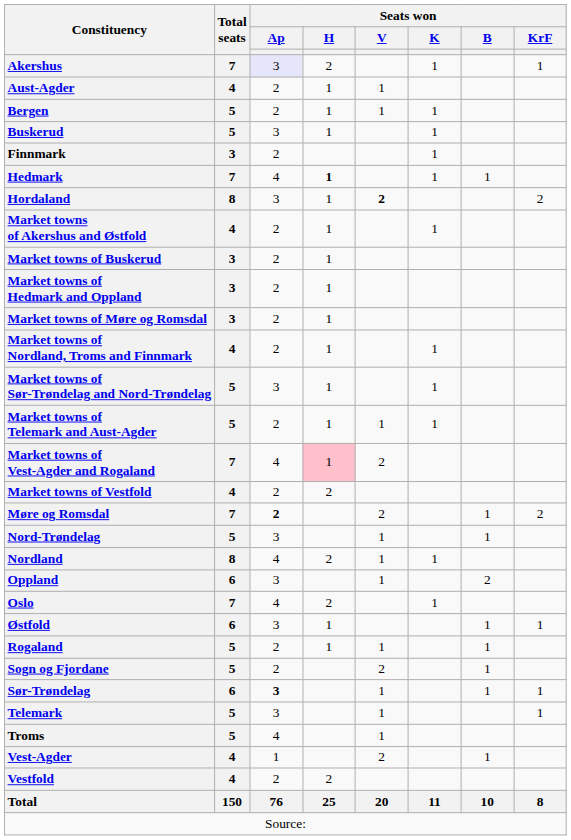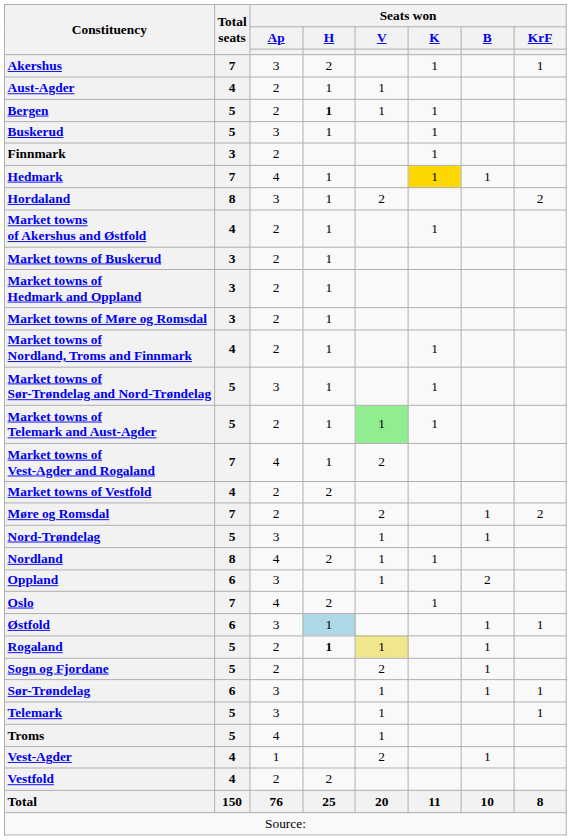 <table class="wikitable" style="text-align:center; font-size: 0.9em;">
 <tr>
 <th rowspan="3">Constituency</th>
 <th rowspan="3">Total<br>seats</th>
 <th colspan="6">Seats won</th>
 </tr>
 <tr>
 <th class="unsortable" style="width:50px;"><a href='#'>Ap</a></th>
 <th class="unsortable" style="width:50px;"><a href='#'>H</a></th>
 <th class="unsortable" style="width:50px;"><a href='#'>V</a></th>
 <th class="unsortable" style="width:50px;"><a href='#'>K</a></th>
 <th class="unsortable" style="width:50px;"><a href='#'>B</a></th>
 <th class="unsortable" style="width:50px;"><a href='#'>KrF</a></th>
 </tr>
 <tr>
 <th style="background:"></th>
 <th style="background:"></th>
 <th style="background:"></th>
 <th style="background:"></th>
 <th style="background:"></th>
 <th style="background:"></th>
 </tr>
 <tr>
 <th style="text-align: left;"><a href='#'>Akershus</a></th>
 <th>7</th>
-<td style="background: lavender;">3</td>
+<td>3</td>
 <td>2</td>
 <td></td>
 <td>1</td>
 <td></td>
 <td>1</td>
 </tr>
 <tr>
 <th style="text-align: left;"><a href='#'>Aust-Agder</a></th>
 <th>4</th>
 <td>2</td>
 <td>1</td>
 <td>1</td>
 <td></td>
 <td></td>
 <td></td>
 </tr>
 <tr>
 <th style="text-align: left;"><a href='#'>Bergen</a></th>
 <th>5</th>
 <td>2</td>
-<td>1</td>
+<td><strong>1</strong></td>
 <td>1</td>
 <td>1</td>
 <td></td>
 <td></td>
 </tr>
 <tr>
 <th style="text-align: left;"><a href='#'>Buskerud</a></th>
 <th>5</th>
 <td>3</td>
 <td>1</td>
 <td></td>
 <td>1</td>
 <td></td>
 <td></td>
 </tr>
 <tr>
 <th style="text-align: left;">Finnmark</th>
 <th>3</th>
 <td>2</td>
 <td></td>
 <td></td>
 <td>1</td>
 <td></td>
 <td></td>
 </tr>
 <tr>
 <th style="text-align: left;"><a href='#'>Hedmark</a></th>
 <th>7</th>
 <td>4</td>
-<td><strong>1</strong></td>
+<td>1</td>
 <td></td>
-<td>1</td>
+<td style="background: gold;">1</td>
 <td>1</td>
 <td></td>
 </tr>
 <tr>
 <th style="text-align: left;"><a href='#'>Hordaland</a></th>
 <th>8</th>
 <td>3</td>
 <td>1</td>
-<td><strong>2</strong></td>
+<td>2</td>
 <td></td>
 <td></td>
 <td>2</td>
 </tr>
 <tr>
 <th style="text-align: left;"><a href='#'>Market towns<br>of Akershus and Østfold</a></th>
 <th>4</th>
 <td>2</td>
 <td>1</td>
 <td></td>
 <td>1</td>
 <td></td>
 <td></td>
 </tr>
 <tr>
 <th style="text-align: left;"><a href='#'>Market towns of Buskerud</a></th>
 <th>3</th>
 <td>2</td>
 <td>1</td>
 <td></td>
 <td></td>
 <td></td>
 <td></td>
 </tr>
 <tr>
 <th style="text-align: left;"><a href='#'>Market towns of<br>Hedmark and Oppland</a></th>
 <th>3</th>
 <td>2</td>
 <td>1</td>
 <td></td>
 <td></td>
 <td></td>
 <td></td>
 </tr>
 <tr>
 <th style="text-align: left;"><a href='#'>Market towns of Møre og Romsdal</a></th>
 <th>3</th>
 <td>2</td>
 <td>1</td>
 <td></td>
 <td></td>
 <td></td>
 <td></td>
 </tr>
 <tr>
 <th style="text-align: left;"><a href='#'>Market towns of<br>Nordland, Troms and Finnmark</a></th>
 <th>4</th>
 <td>2</td>
 <td>1</td>
 <td></td>
 <td>1</td>
 <td></td>
 <td></td>
 </tr>
 <tr>
 <th style="text-align: left;"><a href='#'>Market towns of<br>Sør-Trøndelag and Nord-Trøndelag</a></th>
 <th>5</th>
 <td>3</td>
 <td>1</td>
 <td></td>
 <td>1</td>
 <td></td>
 <td></td>
 </tr>
 <tr>
 <th style="text-align: left;"><a href='#'>Market towns of<br>Telemark and Aust-Agder</a></th>
 <th>5</th>
 <td>2</td>
 <td>1</td>
-<td>1</td>
+<td style="background: lightgreen;">1</td>
 <td>1</td>
 <td></td>
 <td></td>
 </tr>
 <tr>
 <th style="text-align: left;"><a href='#'>Market towns of<br>Vest-Agder and Rogaland</a></th>
 <th>7</th>
 <td>4</td>
-<td style="background: pink;">1</td>
+<td>1</td>
 <td>2</td>
 <td></td>
 <td></td>
 <td></td>
 </tr>
 <tr>
 <th style="text-align: left;"><a href='#'>Market towns of Vestfold</a></th>
 <th>4</th>
 <td>2</td>
 <td>2</td>
 <td></td>
 <td></td>
 <td></td>
 <td></td>
 </tr>
 <tr>
 <th style="text-align: left;"><a href='#'>Møre og Romsdal</a></th>
 <th>7</th>
-<td><strong>2</strong></td>
+<td>2</td>
 <td></td>
 <td>2</td>
 <td></td>
 <td>1</td>
 <td>2</td>
 </tr>
 <tr>
 <th style="text-align: left;"><a href='#'>Nord-Trøndelag</a></th>
 <th>5</th>
 <td>3</td>
 <td></td>
 <td>1</td>
 <td></td>
 <td>1</td>
 <td></td>
 </tr>
 <tr>
 <th style="text-align: left;"><a href='#'>Nordland</a></th>
 <th>8</th>
 <td>4</td>
 <td>2</td>
 <td>1</td>
 <td>1</td>
 <td></td>
 <td></td>
 </tr>
 <tr>
 <th style="text-align: left;"><a href='#'>Oppland</a></th>
 <th>6</th>
 <td>3</td>
 <td></td>
 <td>1</td>
 <td></td>
 <td>2</td>
 <td></td>
 </tr>
 <tr>
 <th style="text-align: left;"><a href='#'>Oslo</a></th>
 <th>7</th>
 <td>4</td>
 <td>2</td>
 <td></td>
 <td>1</td>
 <td></td>
 <td></td>
 </tr>
 <tr>
 <th style="text-align: left;"><a href='#'>Østfold</a></th>
 <th>6</th>
 <td>3</td>
-<td>1</td>
+<td style="background: lightblue;">1</td>
 <td></td>
 <td></td>
 <td>1</td>
 <td>1</td>
 </tr>
 <tr>
 <th style="text-align: left;"><a href='#'>Rogaland</a></th>
 <th>5</th>
 <td>2</td>
-<td>1</td>
-<td>1</td>
+<td><strong>1</strong></td>
+<td style="background: khaki;">1</td>
 <td></td>
 <td>1</td>
 <td></td>
 </tr>
 <tr>
 <th style="text-align: left;"><a href='#'>Sogn og Fjordane</a></th>
 <th>5</th>
 <td>2</td>
 <td></td>
 <td>2</td>
 <td></td>
 <td>1</td>
 <td></td>
 </tr>
 <tr>
 <th style="text-align: left;"><a href='#'>Sør-Trøndelag</a></th>
 <th>6</th>
-<td><strong>3</strong></td>
+<td>3</td>
 <td></td>
 <td>1</td>
 <td></td>
 <td>1</td>
 <td>1</td>
 </tr>
 <tr>
 <th style="text-align: left;"><a href='#'>Telemark</a></th>
 <th>5</th>
 <td>3</td>
 <td></td>
 <td>1</td>
 <td></td>
 <td></td>
 <td>1</td>
 </tr>
 <tr>
 <th style="text-align: left;">Troms</th>
 <th>5</th>
 <td>4</td>
 <td></td>
 <td>1</td>
 <td></td>
 <td></td>
 <td></td>
 </tr>
 <tr>
 <th style="text-align: left;"><a href='#'>Vest-Agder</a></th>
 <th>4</th>
 <td>1</td>
 <td></td>
 <td>2</td>
 <td></td>
 <td>1</td>
 <td></td>
 </tr>
 <tr>
 <th style="text-align: left;"><a href='#'>Vestfold</a></th>
 <th>4</th>
 <td>2</td>
 <td>2</td>
 <td></td>
 <td></td>
 <td></td>
 <td></td>
 </tr>
 <tr>
 <th style="text-align: left;">Total</th>
 <th>150</th>
 <th>76</th>
 <th>25</th>
 <th>20</th>
 <th>11</th>
 <th>10</th>
 <th>8</th>
 </tr>
 <tr>
 <td colspan="8">Source: </td>
 </tr>
 </table>
